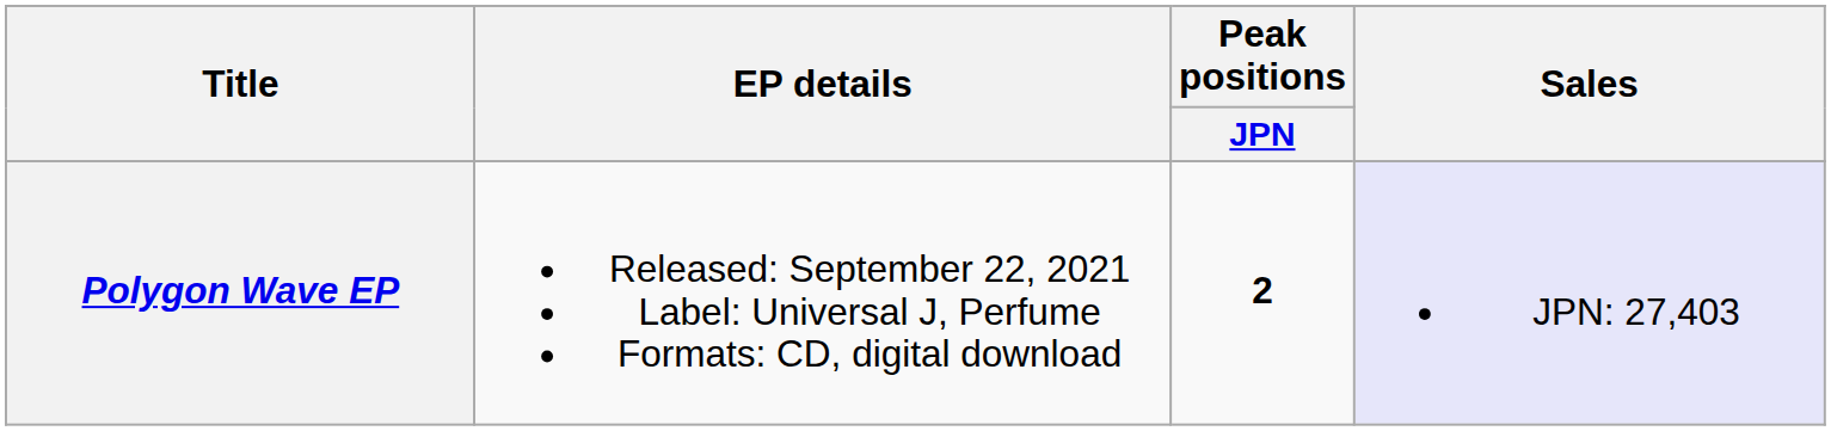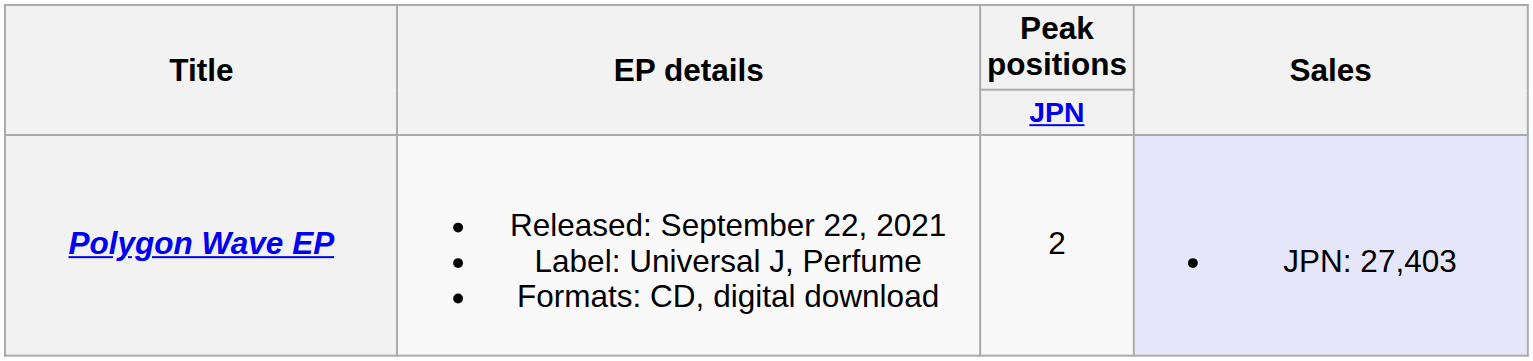 <table class="wikitable plainrowheaders" style="text-align:center;">
 <tr>
 <th style="width:12em;" rowspan="2">Title</th>
 <th style="width:18em;" rowspan="2">EP details</th>
 <th colspan="1">Peak positions</th>
 <th style="width:12em;" rowspan="2">Sales</th>
 </tr>
 <tr>
 <th scope="col" style="width:3em;font-size:90%;"><a href='#'>JPN</a><br></th>
 </tr>
 <tr>
 <th scope="row"><em><a href='#'>Polygon Wave EP</a></em></th>
 <td><br><ul><li>Released: September 22, 2021 </li><li>Label: Universal J, Perfume</li><li>Formats: CD, digital download</li></ul></td>
-<td><strong>2</strong></td>
+<td>2</td>
 <td style="background: lavender;"><br><ul><li>JPN: 27,403 </li></ul></td>
 </tr>
 </table>
